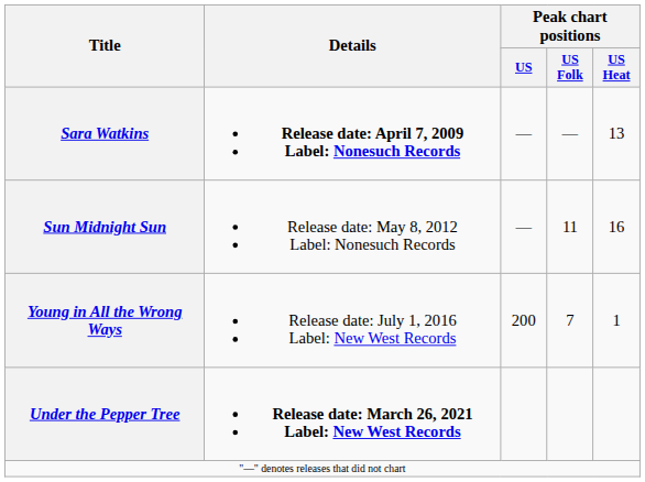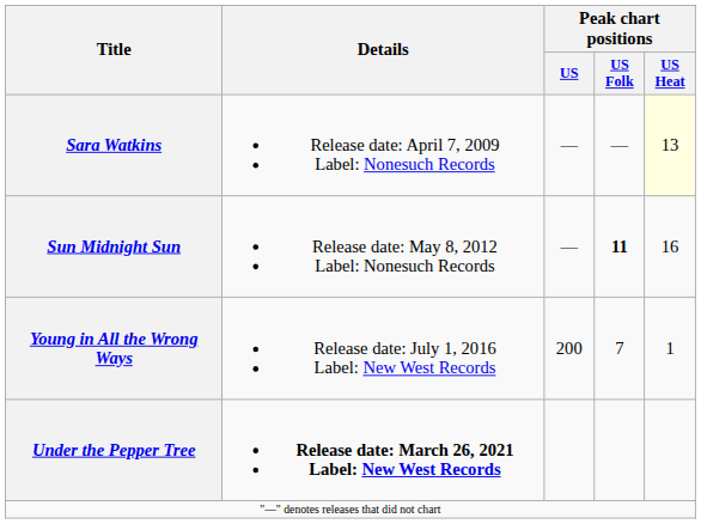 <table class="wikitable plainrowheaders" style="text-align:center;">
 <tr>
 <th rowspan="2" style="width:12em;">Title</th>
 <th rowspan="2" style="width:18em;">Details</th>
 <th colspan="3">Peak chart<br>positions</th>
 </tr>
 <tr style="font-size:smaller;">
 <th style="width:40px;"><a href='#'>US</a><br></th>
 <th style="width:40px;"><a href='#'>US Folk</a><br></th>
 <th style="width:40px;"><a href='#'>US Heat</a><br></th>
 </tr>
 <tr>
 <th scope="row"><em><a href='#'>Sara Watkins</a></em></th>
-<td><strong><br><ul><li>Release date: April 7, 2009</li><li>Label: <a href='#'>Nonesuch Records</a></li></ul></strong></td>
+<td><br><ul><li>Release date: April 7, 2009</li><li>Label: <a href='#'>Nonesuch Records</a></li></ul></td>
 <td>—</td>
 <td>—</td>
-<td>13</td>
+<td style="background: lightyellow;">13</td>
 </tr>
 <tr>
 <th scope="row"><em><a href='#'>Sun Midnight Sun</a></em></th>
 <td><br><ul><li>Release date: May 8, 2012</li><li>Label: Nonesuch Records</li></ul></td>
 <td>—</td>
-<td>11</td>
+<td><strong>11</strong></td>
 <td>16</td>
 </tr>
 <tr>
 <th scope="row"><em><a href='#'>Young in All the Wrong Ways</a></em></th>
 <td><br><ul><li>Release date: July 1, 2016</li><li>Label: <a href='#'>New West Records</a></li></ul></td>
 <td>200</td>
 <td>7</td>
 <td>1</td>
 </tr>
 <tr>
 <th scope="row"><em><a href='#'>Under the Pepper Tree</a></em></th>
 <td><strong><br><ul><li>Release date: March 26, 2021</li><li>Label: <a href='#'>New West Records</a></li></ul></strong></td>
 <td></td>
 <td></td>
 <td></td>
 </tr>
 <tr>
 <td colspan="5" style="font-size:8pt">"—" denotes releases that did not chart</td>
 </tr>
 </table>
